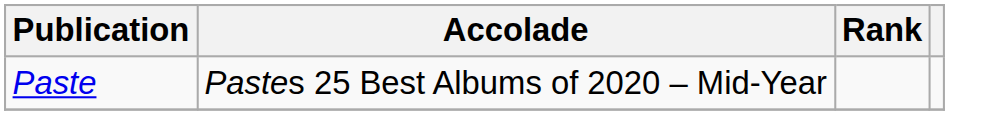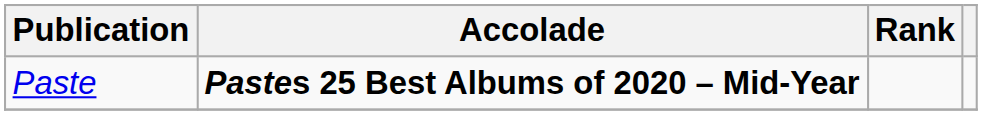 <table class="wikitable sortable">
 <tr>
 <th>Publication</th>
 <th>Accolade</th>
 <th>Rank</th>
 <th class="unsortable"></th>
 </tr>
 <tr>
 <td><em><a href='#'>Paste</a></em></td>
-<td><em>Paste</em>s 25 Best Albums of 2020 – Mid-Year</td>
+<td><strong><em>Paste</em>s 25 Best Albums of 2020 – Mid-Year</strong></td>
 <td></td>
 <td></td>
 </tr>
 <tr>
 </tr>
 </table>
